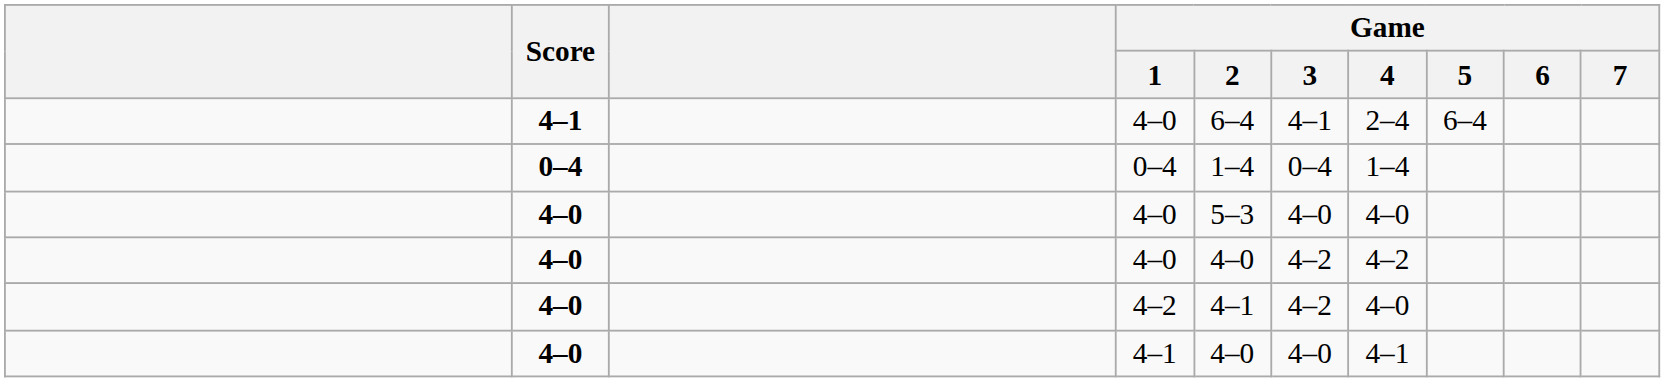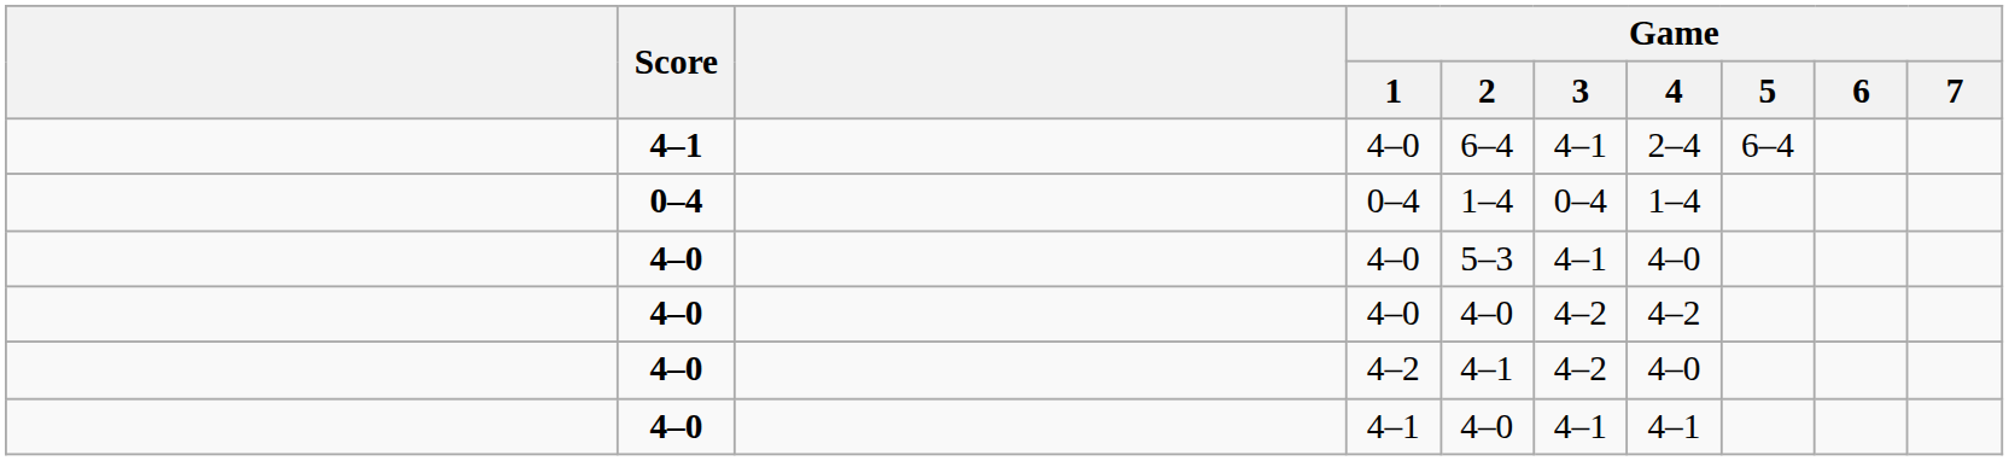 <table class="wikitable" style="text-align: center;">
 <tr>
 <th rowspan=2 align="right" width="270"></th>
 <th rowspan=2 width="45">Score</th>
 <th rowspan=2 align="left" width="270"></th>
 <th colspan=7>Game</th>
 </tr>
 <tr>
 <th width="35">1</th>
 <th width="35">2</th>
 <th width="35">3</th>
 <th width="35">4</th>
 <th width="35">5</th>
 <th width="35">6</th>
 <th width="35">7</th>
 </tr>
 <tr>
 <td align=left><strong></strong></td>
 <td align=center><strong>4–1</strong></td>
 <td align=left></td>
 <td>4–0</td>
 <td>6–4</td>
 <td>4–1</td>
 <td>2–4</td>
 <td>6–4</td>
 <td></td>
 <td></td>
 </tr>
 <tr>
 <td align=left></td>
 <td align=center><strong>0–4</strong></td>
 <td align=left><strong></strong></td>
 <td>0–4</td>
 <td>1–4</td>
 <td>0–4</td>
 <td>1–4</td>
 <td></td>
 <td></td>
 <td></td>
 </tr>
 <tr>
 <td align=left><strong></strong></td>
 <td align=center><strong>4–0</strong></td>
 <td align=left></td>
 <td>4–0</td>
 <td>5–3</td>
-<td>4–0</td>
+<td>4–1</td>
 <td>4–0</td>
 <td></td>
 <td></td>
 <td></td>
 </tr>
 <tr>
 <td align=left><strong></strong></td>
 <td align=center><strong>4–0</strong></td>
 <td align=left></td>
 <td>4–0</td>
 <td>4–0</td>
 <td>4–2</td>
 <td>4–2</td>
 <td></td>
 <td></td>
 <td></td>
 </tr>
 <tr>
 <td align=left><strong></strong></td>
 <td align=center><strong>4–0</strong></td>
 <td align=left></td>
 <td>4–2</td>
 <td>4–1</td>
 <td>4–2</td>
 <td>4–0</td>
 <td></td>
 <td></td>
 <td></td>
 </tr>
 <tr>
 <td align=left><strong></strong></td>
 <td align=center><strong>4–0</strong></td>
 <td align=left></td>
 <td>4–1</td>
 <td>4–0</td>
-<td>4–0</td>
+<td>4–1</td>
 <td>4–1</td>
 <td></td>
 <td></td>
 <td></td>
 </tr>
 </table>
